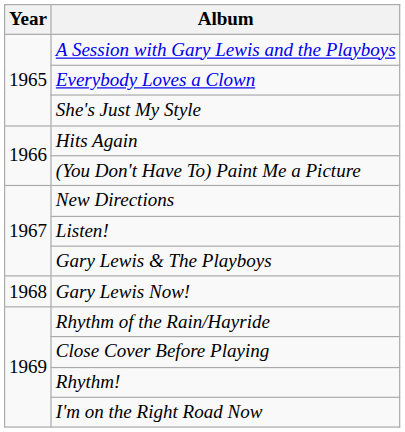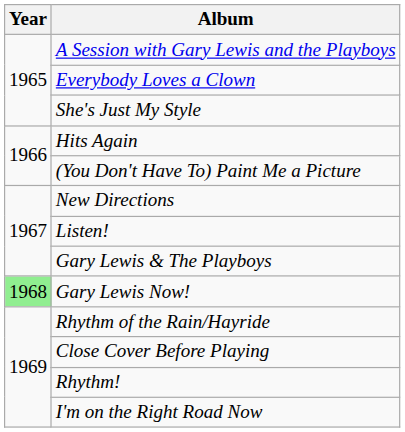 <table class="wikitable" style="text-align:center;">
 <tr>
 <th>Year</th>
 <th>Album</th>
 </tr>
 <tr>
 <td rowspan="3">1965</td>
 <td align="left"><em><a href='#'>A Session with Gary Lewis and the Playboys</a></em></td>
 </tr>
 <tr>
 <td align="left"><em><a href='#'>Everybody Loves a Clown</a></em></td>
 </tr>
 <tr>
 <td align="left"><em>She's Just My Style</em></td>
 </tr>
 <tr>
 <td rowspan="2">1966</td>
 <td align="left"><em>Hits Again</em></td>
 </tr>
 <tr>
 <td align="left"><em>(You Don't Have To) Paint Me a Picture</em></td>
 </tr>
 <tr>
 <td rowspan="3">1967</td>
 <td align="left"><em>New Directions</em></td>
 </tr>
 <tr>
 <td align="left"><em>Listen!</em></td>
 </tr>
 <tr>
 <td align="left"><em>Gary Lewis & The Playboys</em></td>
 </tr>
 <tr>
-<td>1968</td>
+<td style="background: lightgreen;">1968</td>
 <td align="left"><em>Gary Lewis Now!</em></td>
 </tr>
 <tr>
 <td rowspan="4">1969</td>
 <td align="left"><em>Rhythm of the Rain/Hayride</em></td>
 </tr>
 <tr>
 <td align="left"><em>Close Cover Before Playing</em></td>
 </tr>
 <tr>
 <td align="left"><em>Rhythm!</em></td>
 </tr>
 <tr>
 <td align="left"><em>I'm on the Right Road Now</em></td>
 </tr>
 </table>
